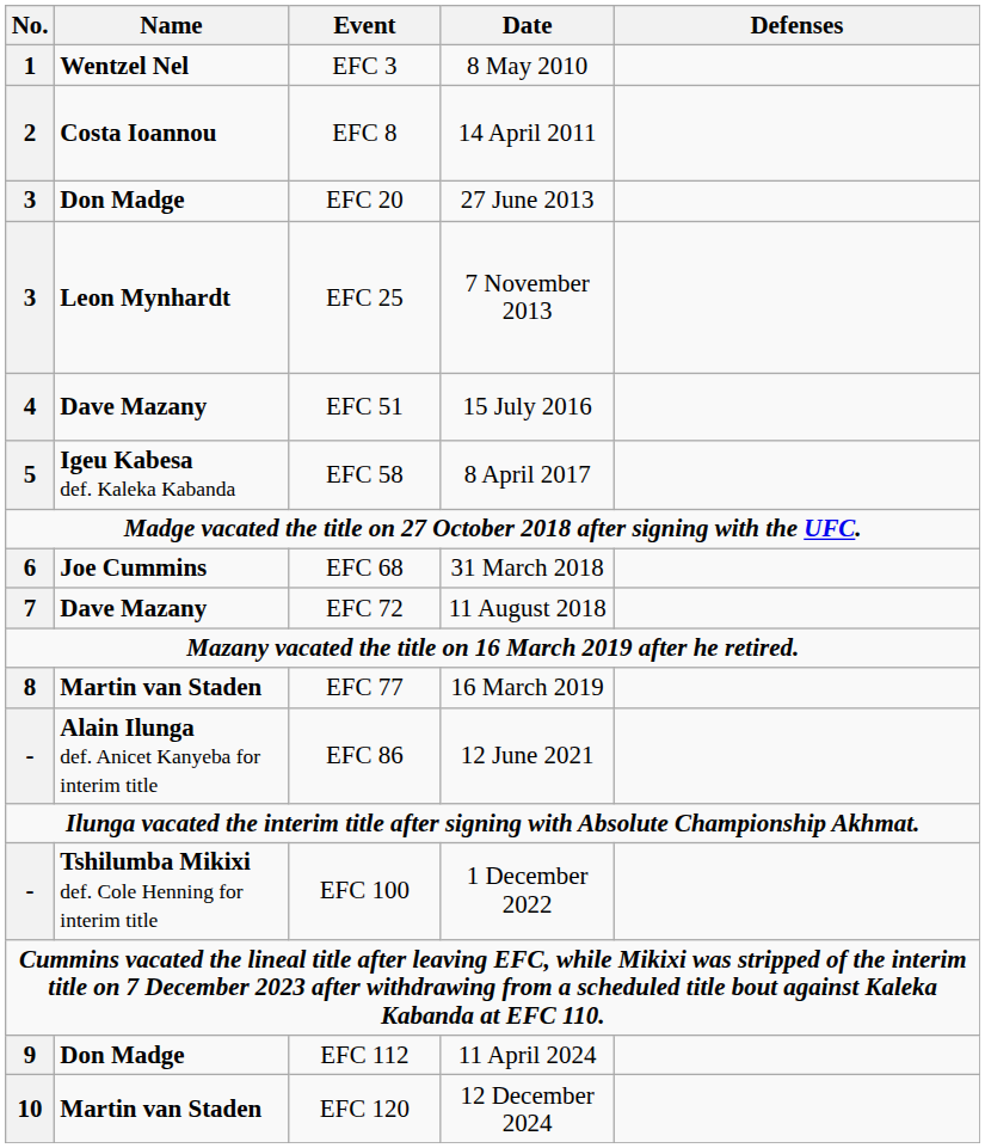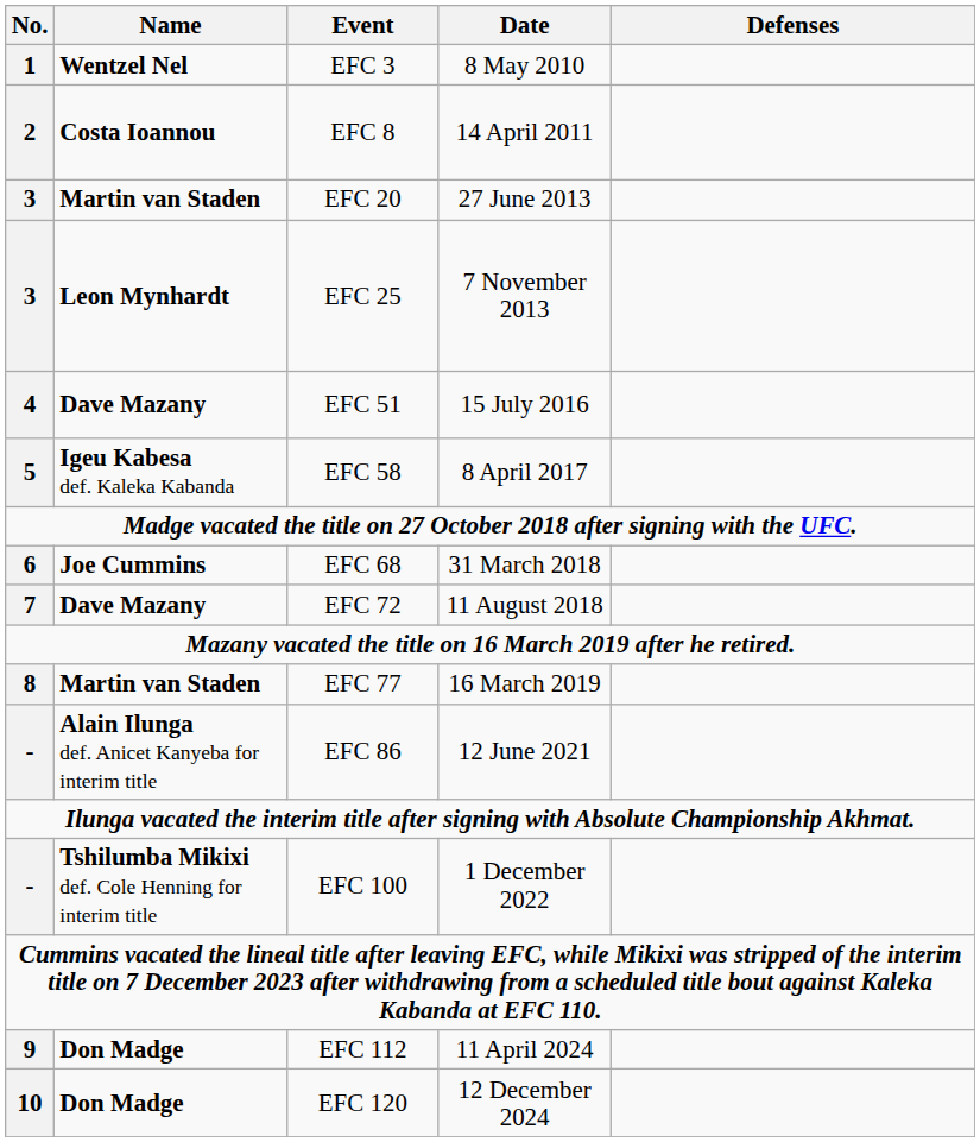 <table class="wikitable" width=100%>
 <tr>
 <th width=1%>No.</th>
 <th width=23%>Name</th>
 <th width=15%>Event</th>
 <th width=17%>Date</th>
 <th width=36%>Defenses</th>
 </tr>
 <tr>
 <th>1</th>
 <td align=left> <strong>Wentzel Nel</strong><br></td>
 <td align=center>EFC 3<br></td>
 <td align=center>8 May 2010</td>
 <td></td>
 </tr>
 <tr>
 <th>2</th>
 <td align=left> <strong>Costa Ioannou</strong></td>
 <td align=center>EFC 8<br></td>
 <td align=center>14 April 2011</td>
 <td><br><br> <br> </td>
 </tr>
 <tr>
 <th>3</th>
-<td align=left> <strong>Don Madge</strong></td>
+<td align=left> <strong>Martin van Staden</strong> </td>
 <td align=center>EFC 20<br></td>
 <td align=center>27 June 2013</td>
 <td></td>
 </tr>
 <tr>
 <th>3</th>
 <td align=left> <strong>Leon Mynhardt</strong></td>
 <td align=center>EFC 25<br></td>
 <td align=center>7 November 2013</td>
 <td><br><br> <br> <br> <br></td>
 </tr>
 <tr>
 <th>4</th>
 <td align=left> <strong>Dave Mazany</strong></td>
 <td align=center>EFC 51<br></td>
 <td align=center>15 July 2016</td>
 <td><br><br></td>
 </tr>
 <tr>
 <th>5</th>
 <td align=left> <strong>Igeu Kabesa</strong> <br><small>def. Kaleka Kabanda</small></td>
 <td align=center>EFC 58<br></td>
 <td align=center>8 April 2017</td>
 <td></td>
 </tr>
 <tr>
 <td align="center" colspan="6"><strong><em>Madge vacated the title on 27 October 2018 after signing with the <a href='#'>UFC</a>.</em></strong></td>
 </tr>
 <tr>
 <th>6</th>
 <td align=left> <strong>Joe Cummins</strong><br></td>
 <td align=center>EFC 68<br></td>
 <td align=center>31 March 2018</td>
 <td></td>
 </tr>
 <tr>
 <th>7</th>
 <td align=left> <strong>Dave Mazany</strong> </td>
 <td align=center>EFC 72<br></td>
 <td align=center>11 August 2018</td>
 <td></td>
 </tr>
 <tr>
 <td align="center" colspan="6"><strong><em>Mazany vacated the title on 16 March 2019 after he retired.</em></strong></td>
 </tr>
 <tr>
 <th>8</th>
 <td align=left> <strong>Martin van Staden</strong><br></td>
 <td align=center>EFC 77<br></td>
 <td align=center>16 March 2019</td>
 <td></td>
 </tr>
 <tr>
 <th>-</th>
 <td align=left> <strong>Alain Ilunga</strong> <br><small>def. Anicet Kanyeba for interim title</small></td>
 <td align=center>EFC 86<br></td>
 <td align=center>12 June 2021</td>
 <td></td>
 </tr>
 <tr>
 <td align="center" colspan="6"><strong><em> Ilunga vacated the interim title after signing with Absolute Championship Akhmat.</em></strong></td>
 </tr>
 <tr>
 <th>-</th>
 <td align=left> <strong>Tshilumba Mikixi</strong> <br><small>def. Cole Henning for interim title</small></td>
 <td align=center>EFC 100<br></td>
 <td align=center>1 December 2022</td>
 <td></td>
 </tr>
 <tr>
 <td align="center" colspan="6"><strong><em>Cummins vacated the lineal title after leaving EFC, while Mikixi was stripped of the interim title on 7 December 2023 after withdrawing from a scheduled title bout against Kaleka Kabanda at EFC 110.</em></strong></td>
 </tr>
 <tr>
 <th>9</th>
 <td align=left> <strong>Don Madge</strong> </td>
 <td align=center>EFC 112<br></td>
 <td align=center>11 April 2024</td>
 <td></td>
 </tr>
 <tr>
 <th>10</th>
-<td align=left> <strong>Martin van Staden</strong> </td>
+<td align=left> <strong>Don Madge</strong></td>
 <td align=center>EFC 120<br></td>
 <td align=center>12 December 2024</td>
 <td></td>
 </tr>
 <tr>
 </tr>
 </table>
